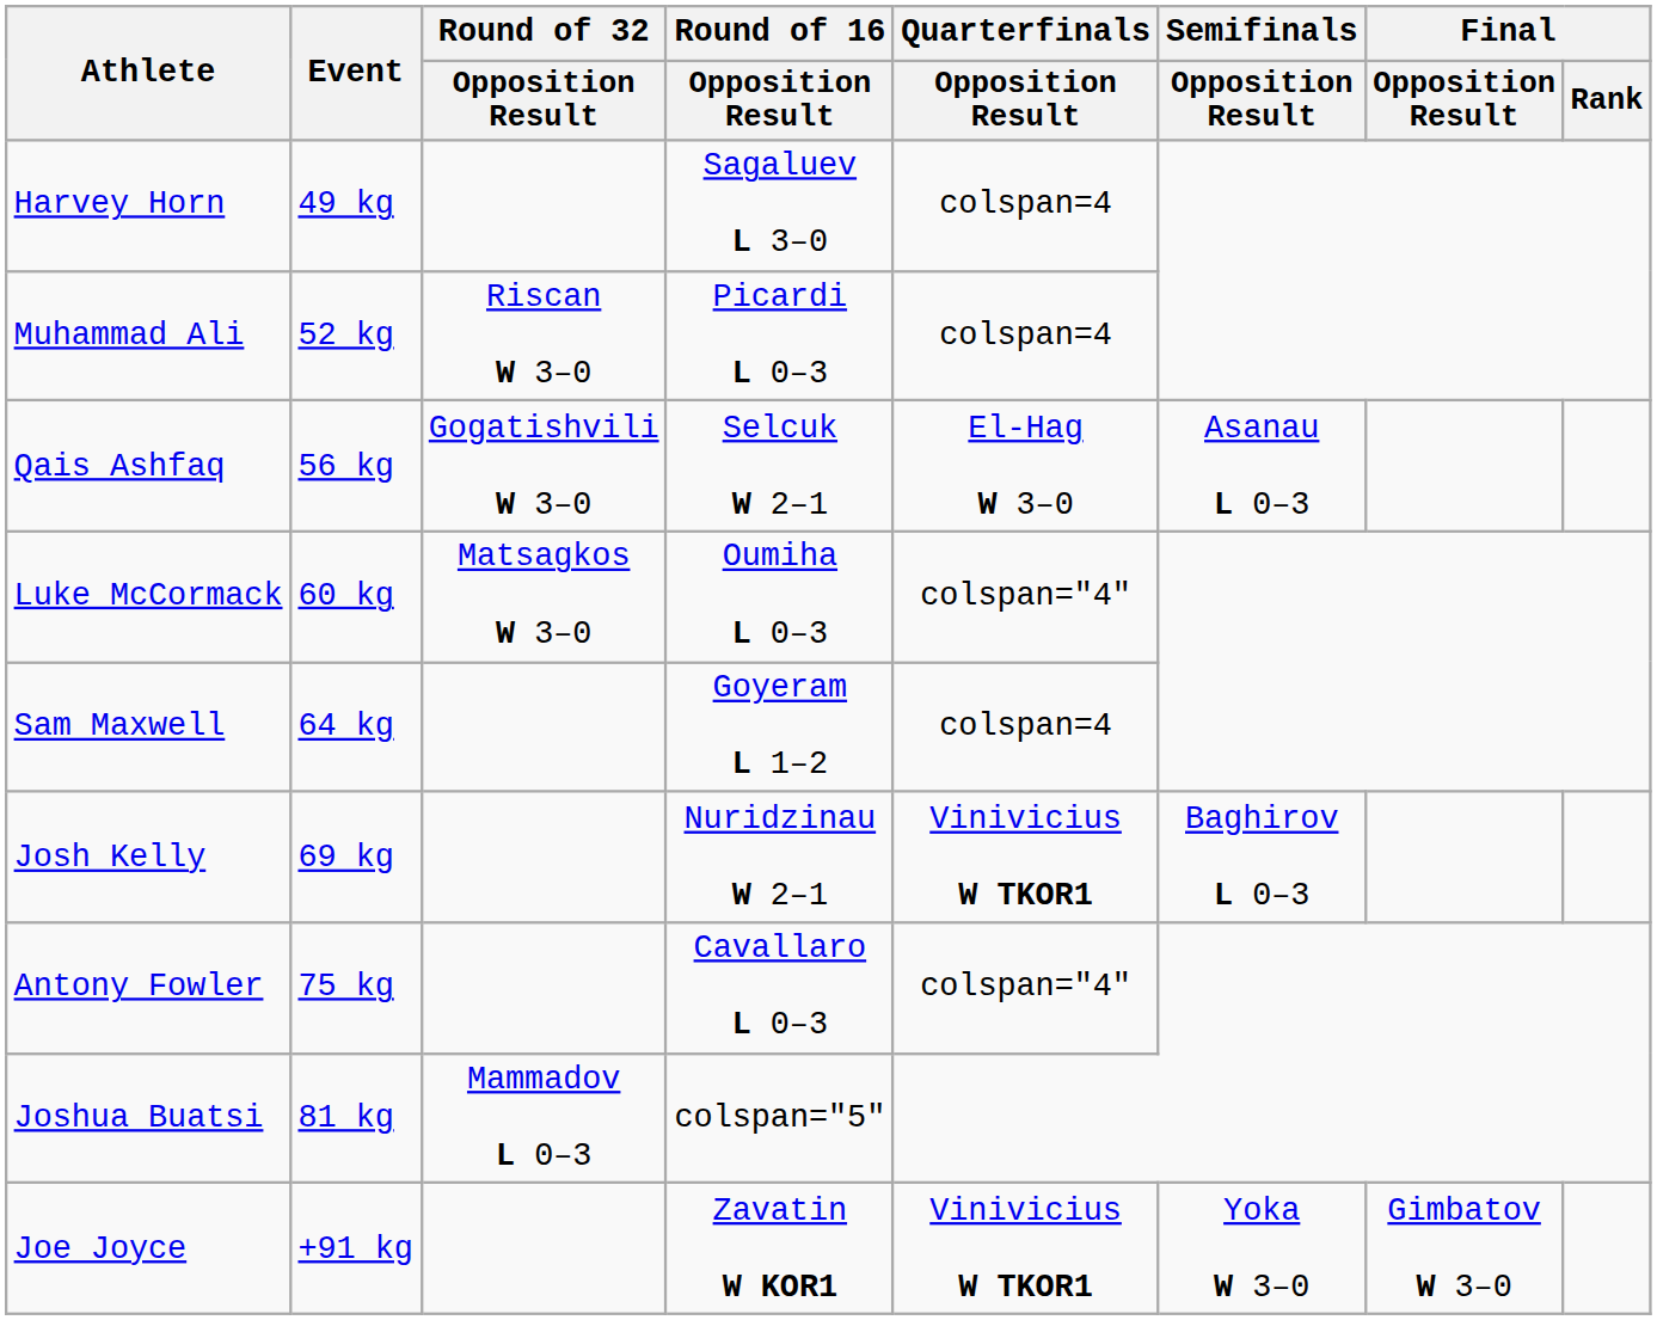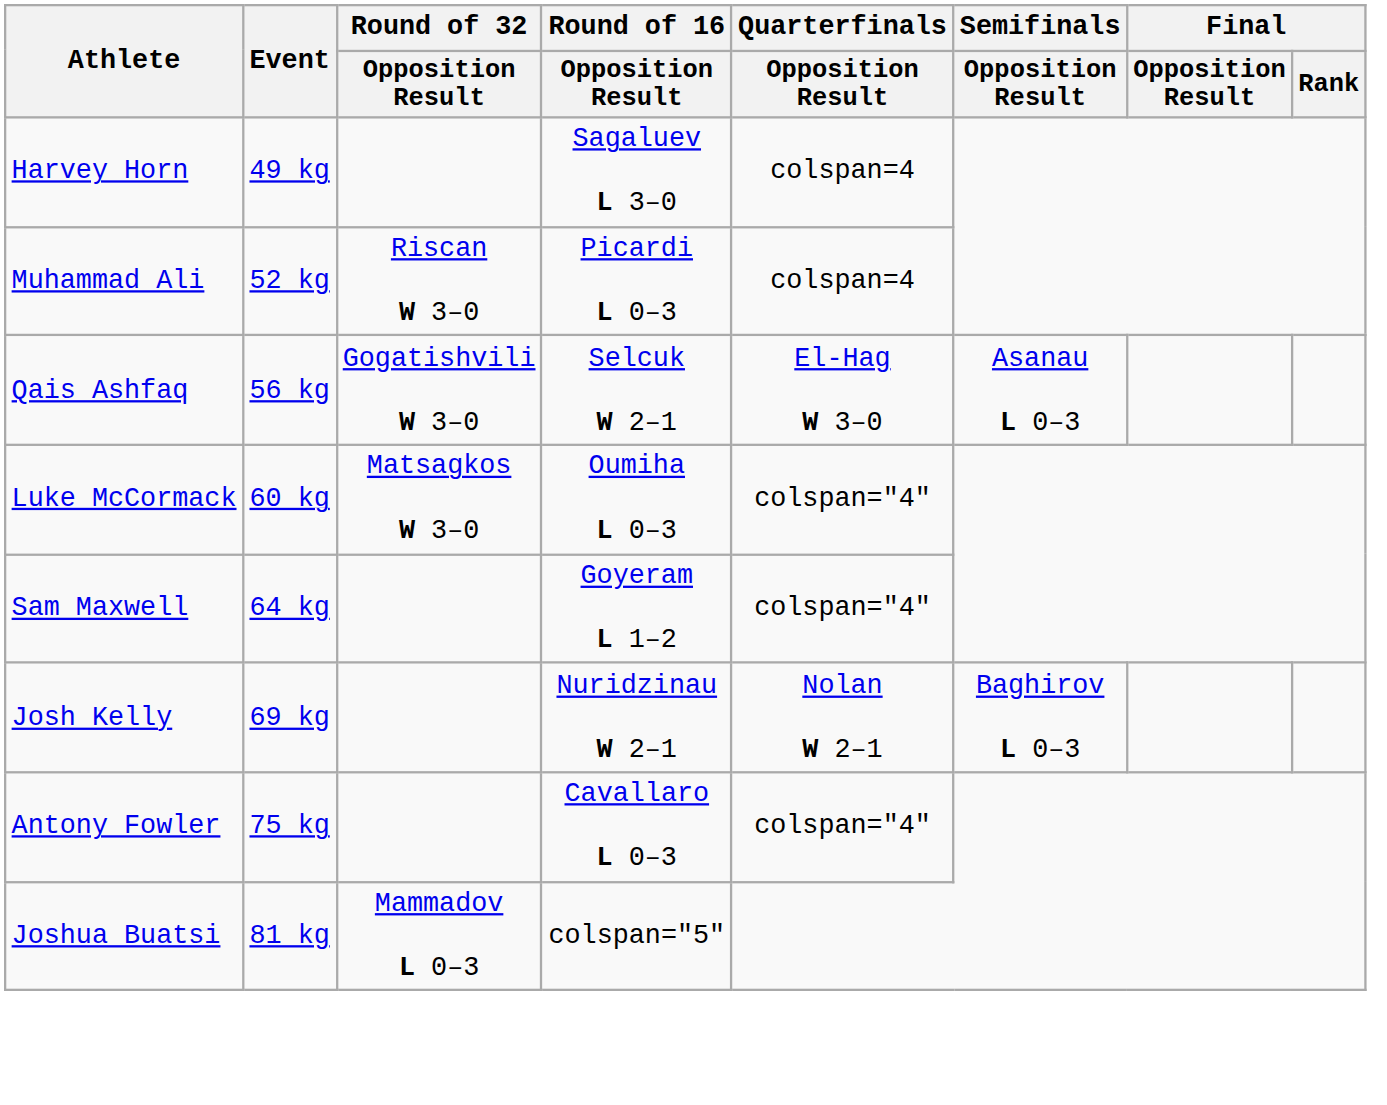 <table class="wikitable" style="font-size:90%;">
 <tr>
 <th rowspan=2>Athlete</th>
 <th rowspan=2>Event</th>
 <th>Round of 32</th>
 <th>Round of 16</th>
 <th>Quarterfinals</th>
 <th>Semifinals</th>
 <th colspan=2>Final</th>
 </tr>
 <tr style="font-size:95%">
 <th>Opposition<br>Result</th>
 <th>Opposition<br>Result</th>
 <th>Opposition<br>Result</th>
 <th>Opposition<br>Result</th>
 <th>Opposition<br>Result</th>
 <th>Rank</th>
 </tr>
 <tr align=center>
 <td align=left><a href='#'>Harvey Horn</a></td>
 <td align=left><a href='#'>49 kg</a></td>
 <td></td>
 <td><a href='#'>Sagaluev</a><br><br><strong>L</strong> 3–0</td>
 <td>colspan=4 </td>
 </tr>
 <tr align=center>
 <td align=left><a href='#'>Muhammad Ali</a></td>
 <td align=left><a href='#'>52 kg</a></td>
 <td><a href='#'>Riscan</a><br><br><strong>W</strong> 3–0</td>
 <td><a href='#'>Picardi</a><br><br> <strong>L</strong> 0–3</td>
 <td>colspan=4 </td>
 </tr>
 <tr align=center>
 <td align=left><a href='#'>Qais Ashfaq</a></td>
 <td align=left><a href='#'>56 kg</a></td>
 <td><a href='#'>Gogatishvili</a><br><br><strong>W</strong> 3–0</td>
 <td><a href='#'>Selcuk</a><br><br><strong>W</strong> 2–1</td>
 <td><a href='#'>El-Hag</a><br><br> <strong>W</strong> 3–0</td>
 <td><a href='#'>Asanau</a><br><br> <strong>L</strong> 0–3</td>
 <td></td>
 <td></td>
 </tr>
 <tr align=center>
 <td align=left><a href='#'>Luke McCormack</a></td>
 <td align=left><a href='#'>60 kg</a></td>
 <td><a href='#'>Matsagkos</a><br><br><strong>W</strong> 3–0</td>
 <td><a href='#'>Oumiha</a><br><br> <strong>L</strong> 0–3</td>
 <td>colspan="4" </td>
 </tr>
 <tr align=center>
 <td align=left><a href='#'>Sam Maxwell</a></td>
 <td align=left><a href='#'>64 kg</a></td>
 <td></td>
 <td><a href='#'>Goyeram</a><br><br> <strong>L</strong> 1–2</td>
-<td>colspan=4 </td>
+<td>colspan="4" </td>
 </tr>
 <tr align=center>
 <td align=left><a href='#'>Josh Kelly</a></td>
 <td align=left><a href='#'>69 kg</a></td>
 <td></td>
 <td><a href='#'>Nuridzinau</a><br><br> <strong>W</strong> 2–1</td>
-<td><a href='#'>Vinivicius</a><br><br> <strong>W TKOR1</strong></td>
+<td><a href='#'>Nolan</a><br><br> <strong>W</strong> 2–1</td>
 <td><a href='#'>Baghirov</a><br><br>  <strong>L</strong> 0–3</td>
 <td></td>
 <td></td>
 </tr>
 <tr align=center>
 <td align=left><a href='#'>Antony Fowler</a></td>
 <td align=left><a href='#'>75 kg</a></td>
 <td></td>
 <td><a href='#'>Cavallaro</a><br><br> <strong>L</strong> 0–3</td>
 <td>colspan="4" </td>
 </tr>
 <tr align=center>
 <td align=left><a href='#'>Joshua Buatsi</a></td>
 <td align=left><a href='#'>81 kg</a></td>
 <td><a href='#'>Mammadov</a><br><br><strong>L</strong> 0–3</td>
 <td>colspan="5" </td>
 </tr>
-<tr align=center>
-<td align=left><a href='#'>Joe Joyce</a></td>
-<td align=left><a href='#'>+91 kg</a></td>
-<td></td>
-<td><a href='#'>Zavatin</a><br><br> <strong>W KOR1</strong></td>
-<td><a href='#'>Vinivicius</a><br><br> <strong>W TKOR1</strong></td>
-<td><a href='#'>Yoka</a><br><br> <strong>W</strong> 3–0</td>
-<td><a href='#'>Gimbatov</a><br><br> <strong>W</strong> 3–0</td>
-<td></td>
-</tr>
 </table>
